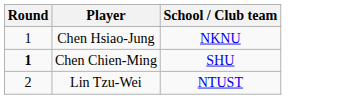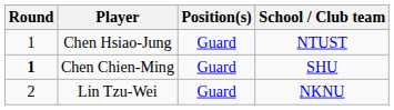 <table class="wikitable sortable sortable">
 <tr>
 <th>Round</th>
 <th>Player</th>
+<th>Position(s)</th>
 <th>School / Club team</th>
 </tr>
 <tr style="text-align: center">
 <td>1</td>
 <td>Chen Hsiao-Jung</td>
-<td><a href='#'>NKNU</a></td>
+<td><a href='#'>Guard</a></td>
+<td><a href='#'>NTUST</a></td>
 </tr>
 <tr style="text-align: center">
 <td><strong>1</strong></td>
 <td>Chen Chien-Ming</td>
+<td><a href='#'>Guard</a></td>
 <td><a href='#'>SHU</a></td>
 </tr>
 <tr style="text-align: center">
 <td>2</td>
 <td>Lin Tzu-Wei</td>
-<td><a href='#'>NTUST</a></td>
+<td><a href='#'>Guard</a></td>
+<td><a href='#'>NKNU</a></td>
 </tr>
 </table>
